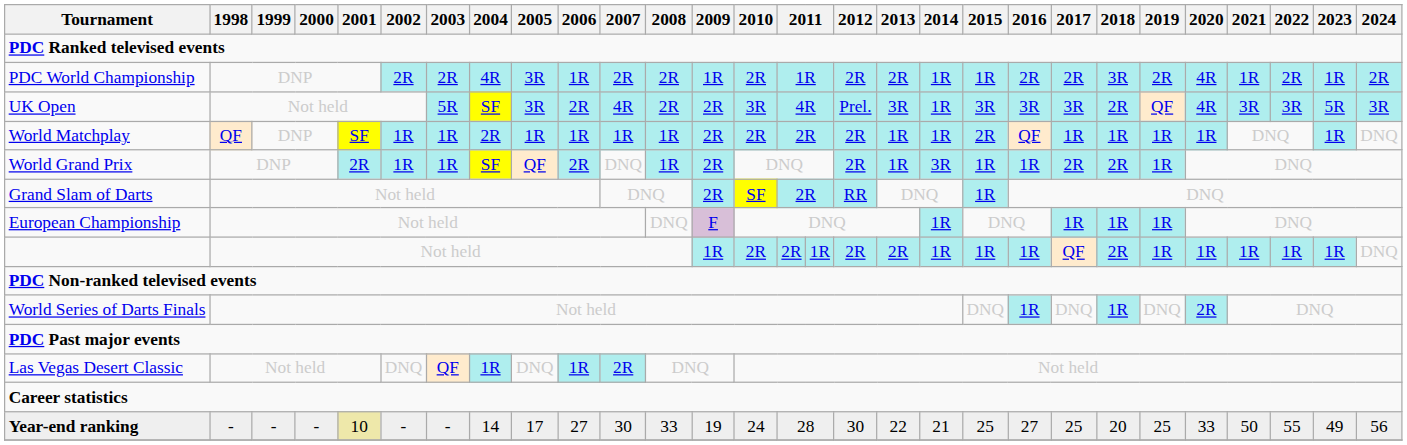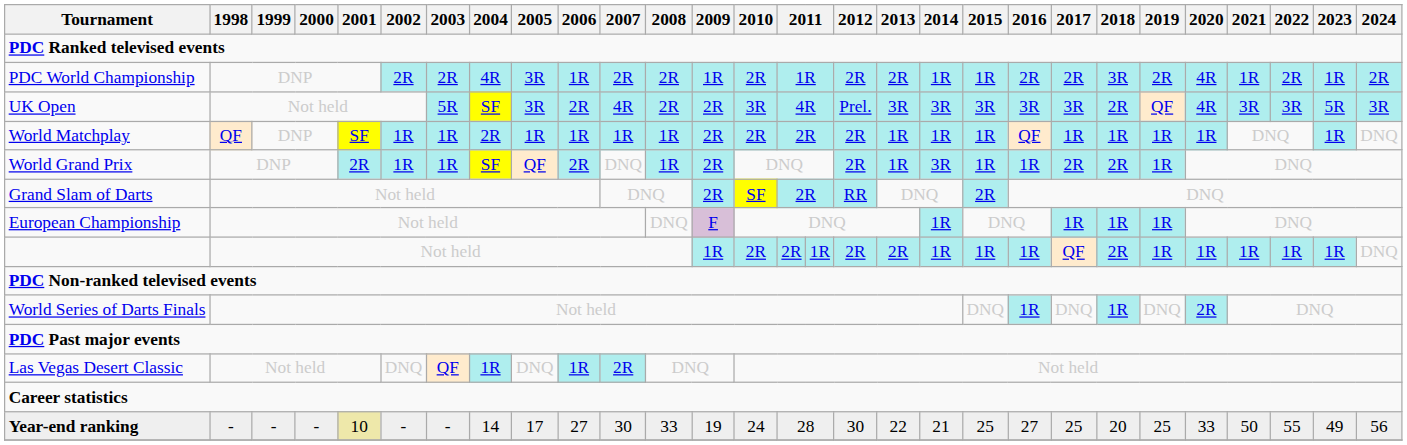 <table class=wikitable style=text-align:center;font-size:88%>
 <tr>
 <th>Tournament</th>
 <th>1998</th>
 <th>1999</th>
 <th>2000</th>
 <th>2001</th>
 <th>2002</th>
 <th>2003</th>
 <th>2004</th>
 <th>2005</th>
 <th>2006</th>
 <th>2007</th>
 <th>2008</th>
 <th>2009</th>
 <th>2010</th>
 <th colspan="2">2011</th>
 <th>2012</th>
 <th>2013</th>
 <th>2014</th>
 <th>2015</th>
 <th>2016</th>
 <th>2017</th>
 <th>2018</th>
 <th>2019</th>
 <th>2020</th>
 <th>2021</th>
 <th>2022</th>
 <th>2023</th>
 <th>2024</th>
 </tr>
 <tr>
 <td colspan="29" align="left"><strong><a href='#'>PDC</a> Ranked televised events</strong></td>
 </tr>
 <tr>
 <td align=left><a href='#'>PDC World Championship</a></td>
 <td colspan="4" style="text-align:center; color:#ccc;">DNP</td>
 <td style="text-align:center; background:#afeeee;"><a href='#'>2R</a></td>
 <td style="text-align:center; background:#afeeee;"><a href='#'>2R</a></td>
 <td style="text-align:center; background:#afeeee;"><a href='#'>4R</a></td>
 <td style="text-align:center; background:#afeeee;"><a href='#'>3R</a></td>
 <td style="text-align:center; background:#afeeee;"><a href='#'>1R</a></td>
 <td style="text-align:center; background:#afeeee;"><a href='#'>2R</a></td>
 <td style="text-align:center; background:#afeeee;"><a href='#'>2R</a></td>
 <td style="text-align:center; background:#afeeee;"><a href='#'>1R</a></td>
 <td style="text-align:center; background:#afeeee;"><a href='#'>2R</a></td>
 <td style="text-align:center; background:#afeeee;" colspan="2"><a href='#'>1R</a></td>
 <td style="text-align:center; background:#afeeee;"><a href='#'>2R</a></td>
 <td style="text-align:center; background:#afeeee;"><a href='#'>2R</a></td>
 <td style="text-align:center; background:#afeeee;"><a href='#'>1R</a></td>
 <td style="text-align:center; background:#afeeee;"><a href='#'>1R</a></td>
 <td style="text-align:center; background:#afeeee;"><a href='#'>2R</a></td>
 <td style="text-align:center; background:#afeeee;"><a href='#'>2R</a></td>
 <td style="text-align:center; background:#afeeee;"><a href='#'>3R</a></td>
 <td style="text-align:center; background:#afeeee;"><a href='#'>2R</a></td>
 <td style="text-align:center; background:#afeeee;"><a href='#'>4R</a></td>
 <td style="text-align:center; background:#afeeee;"><a href='#'>1R</a></td>
 <td style="text-align:center; background:#afeeee;"><a href='#'>2R</a></td>
 <td style="text-align:center; background:#afeeee;"><a href='#'>1R</a></td>
 <td style="text-align:center; background:#afeeee;"><a href='#'>2R</a></td>
 </tr>
 <tr>
 <td align=left><a href='#'>UK Open</a></td>
 <td colspan="5" style="text-align:center; color:#ccc;">Not held</td>
 <td style="text-align:center; background:#afeeee;"><a href='#'>5R</a></td>
 <td style="text-align:center; background:yellow;"><a href='#'>SF</a></td>
 <td style="text-align:center; background:#afeeee;"><a href='#'>3R</a></td>
 <td style="text-align:center; background:#afeeee;"><a href='#'>2R</a></td>
 <td style="text-align:center; background:#afeeee;"><a href='#'>4R</a></td>
 <td style="text-align:center; background:#afeeee;"><a href='#'>2R</a></td>
 <td style="text-align:center; background:#afeeee;"><a href='#'>2R</a></td>
 <td style="text-align:center; background:#afeeee;"><a href='#'>3R</a></td>
 <td style="text-align:center; background:#afeeee;" colspan="2"><a href='#'>4R</a></td>
 <td style="text-align:center; background:#afeeee;"><a href='#'>Prel.</a></td>
 <td style="text-align:center; background:#afeeee;"><a href='#'>3R</a></td>
-<td style="text-align:center; background:#afeeee;"><a href='#'>1R</a></td>
+<td style="text-align:center; background:#afeeee;"><a href='#'>3R</a></td>
 <td style="text-align:center; background:#afeeee;"><a href='#'>3R</a></td>
 <td style="text-align:center; background:#afeeee;"><a href='#'>3R</a></td>
 <td style="text-align:center; background:#afeeee;"><a href='#'>3R</a></td>
 <td style="text-align:center; background:#afeeee;"><a href='#'>2R</a></td>
 <td style="text-align:center; background:#ffebcd;"><a href='#'>QF</a></td>
 <td style="text-align:center; background:#afeeee;"><a href='#'>4R</a></td>
 <td style="text-align:center; background:#afeeee;"><a href='#'>3R</a></td>
 <td style="text-align:center; background:#afeeee;"><a href='#'>3R</a></td>
 <td style="text-align:center; background:#afeeee;"><a href='#'>5R</a></td>
 <td style="text-align:center; background:#afeeee;"><a href='#'>3R</a></td>
 </tr>
 <tr>
 <td align=left><a href='#'>World Matchplay</a></td>
 <td style="text-align:center; background:#ffebcd;"><a href='#'>QF</a></td>
 <td colspan="2" style="text-align:center; color:#ccc;">DNP</td>
 <td style="text-align:center; background:yellow;"><a href='#'>SF</a></td>
 <td style="text-align:center; background:#afeeee;"><a href='#'>1R</a></td>
 <td style="text-align:center; background:#afeeee;"><a href='#'>1R</a></td>
 <td style="text-align:center; background:#afeeee;"><a href='#'>2R</a></td>
 <td style="text-align:center; background:#afeeee;"><a href='#'>1R</a></td>
 <td style="text-align:center; background:#afeeee;"><a href='#'>1R</a></td>
 <td style="text-align:center; background:#afeeee;"><a href='#'>1R</a></td>
 <td style="text-align:center; background:#afeeee;"><a href='#'>1R</a></td>
 <td style="text-align:center; background:#afeeee;"><a href='#'>2R</a></td>
 <td style="text-align:center; background:#afeeee;"><a href='#'>2R</a></td>
 <td style="text-align:center; background:#afeeee;" colspan="2"><a href='#'>2R</a></td>
 <td style="text-align:center; background:#afeeee;"><a href='#'>2R</a></td>
 <td style="text-align:center; background:#afeeee;"><a href='#'>1R</a></td>
 <td style="text-align:center; background:#afeeee;"><a href='#'>1R</a></td>
-<td style="text-align:center; background:#afeeee;"><a href='#'>2R</a></td>
+<td style="text-align:center; background:#afeeee;"><a href='#'>1R</a></td>
 <td style="text-align:center; background:#ffebcd;"><a href='#'>QF</a></td>
 <td style="text-align:center; background:#afeeee;"><a href='#'>1R</a></td>
 <td style="text-align:center; background:#afeeee;"><a href='#'>1R</a></td>
 <td style="text-align:center; background:#afeeee;"><a href='#'>1R</a></td>
 <td style="text-align:center; background:#afeeee;"><a href='#'>1R</a></td>
 <td colspan="2" style="text-align:center; color:#ccc;">DNQ</td>
 <td style="text-align:center; background:#afeeee;"><a href='#'>1R</a></td>
 <td style="color:#ccc; text-align:center; color:#ccc;">DNQ</td>
 </tr>
 <tr>
 <td align=left><a href='#'>World Grand Prix</a></td>
 <td colspan="3" style="text-align:center; color:#ccc;">DNP</td>
 <td style="text-align:center; background:#afeeee;"><a href='#'>2R</a></td>
 <td style="text-align:center; background:#afeeee;"><a href='#'>1R</a></td>
 <td style="text-align:center; background:#afeeee;"><a href='#'>1R</a></td>
 <td style="text-align:center; background:yellow;"><a href='#'>SF</a></td>
 <td style="text-align:center; background:#ffebcd;"><a href='#'>QF</a></td>
 <td style="text-align:center; background:#afeeee;"><a href='#'>2R</a></td>
 <td style="text-align:center; color:#ccc;">DNQ</td>
 <td style="text-align:center; background:#afeeee;"><a href='#'>1R</a></td>
 <td style="text-align:center; background:#afeeee;"><a href='#'>2R</a></td>
 <td colspan="3" style="text-align:center; color:#ccc;">DNQ</td>
 <td style="text-align:center; background:#afeeee;"><a href='#'>2R</a></td>
 <td style="text-align:center; background:#afeeee;"><a href='#'>1R</a></td>
 <td style="text-align:center; background:#afeeee;"><a href='#'>3R</a></td>
 <td style="text-align:center; background:#afeeee;"><a href='#'>1R</a></td>
 <td style="text-align:center; background:#afeeee;"><a href='#'>1R</a></td>
 <td style="text-align:center; background:#afeeee;"><a href='#'>2R</a></td>
 <td style="text-align:center; background:#afeeee;"><a href='#'>2R</a></td>
 <td style="text-align:center; background:#afeeee;"><a href='#'>1R</a></td>
 <td colspan="5" style="text-align:center; color:#ccc;">DNQ</td>
 </tr>
 <tr>
 <td align=left><a href='#'>Grand Slam of Darts</a></td>
 <td colspan="9" style="text-align:center; color:#ccc;">Not held</td>
 <td colspan="2" style="text-align:center; color:#ccc;">DNQ</td>
 <td style="text-align:center; background:#afeeee;"><a href='#'>2R</a></td>
 <td style="text-align:center; background:yellow;"><a href='#'>SF</a></td>
 <td style="text-align:center; background:#afeeee;" colspan="2"><a href='#'>2R</a></td>
 <td style="text-align:center; background:#afeeee;"><a href='#'>RR</a></td>
 <td colspan="2" style="text-align:center; color:#ccc;">DNQ</td>
-<td style="text-align:center; background:#afeeee;"><a href='#'>1R</a></td>
+<td style="text-align:center; background:#afeeee;"><a href='#'>2R</a></td>
 <td colspan="9" style="text-align:center; color:#ccc;">DNQ</td>
 </tr>
 <tr>
 <td align=left><a href='#'>European Championship</a></td>
 <td colspan="10" style="text-align:center; color:#ccc;">Not held</td>
 <td style="text-align:center; color:#ccc;">DNQ</td>
 <td style="text-align:center; background:thistle;"><a href='#'>F</a></td>
 <td colspan="5" style="text-align:center; color:#ccc;">DNQ</td>
 <td style="text-align:center; background:#afeeee;"><a href='#'>1R</a></td>
 <td colspan="2" style="text-align:center; color:#ccc;">DNQ</td>
 <td style="text-align:center; background:#afeeee;"><a href='#'>1R</a></td>
 <td style="text-align:center; background:#afeeee;"><a href='#'>1R</a></td>
 <td style="text-align:center; background:#afeeee;"><a href='#'>1R</a></td>
 <td colspan="5" style="text-align:center; color:#ccc;">DNQ</td>
 </tr>
 <tr>
 <td align=left></td>
 <td colspan="11" style="text-align:center; color:#ccc;">Not held</td>
 <td style="text-align:center; background:#afeeee;"><a href='#'>1R</a></td>
 <td style="text-align:center; background:#afeeee;"><a href='#'>2R</a></td>
 <td style="text-align:center; background:#afeeee;"><a href='#'>2R</a></td>
 <td style="text-align:center; background:#afeeee;"><a href='#'>1R</a></td>
 <td style="text-align:center; background:#afeeee;"><a href='#'>2R</a></td>
 <td style="text-align:center; background:#afeeee;"><a href='#'>2R</a></td>
 <td style="text-align:center; background:#afeeee;"><a href='#'>1R</a></td>
 <td style="text-align:center; background:#afeeee;"><a href='#'>1R</a></td>
 <td style="text-align:center; background:#afeeee;"><a href='#'>1R</a></td>
 <td style="text-align:center; background:#ffebcd;"><a href='#'>QF</a></td>
 <td style="text-align:center; background:#afeeee;"><a href='#'>2R</a></td>
 <td style="text-align:center; background:#afeeee;"><a href='#'>1R</a></td>
 <td style="text-align:center; background:#afeeee;"><a href='#'>1R</a></td>
 <td style="text-align:center; background:#afeeee;"><a href='#'>1R</a></td>
 <td style="text-align:center; background:#afeeee;"><a href='#'>1R</a></td>
 <td style="text-align:center; background:#afeeee;"><a href='#'>1R</a></td>
 <td style="text-align:center; color:#ccc;">DNQ</td>
 </tr>
 <tr>
 <td colspan="29" align="left"><strong><a href='#'>PDC</a> Non-ranked televised events</strong></td>
 </tr>
 <tr>
 <td align=left><a href='#'>World Series of Darts Finals</a></td>
 <td colspan="18" style="text-align:center; color:#ccc;">Not held</td>
 <td style="text-align:center; color:#ccc;">DNQ</td>
 <td style="text-align:center; background:#afeeee;"><a href='#'>1R</a></td>
 <td style="text-align:center; color:#ccc;">DNQ</td>
 <td style="text-align:center; background:#afeeee;"><a href='#'>1R</a></td>
 <td style="text-align:center; color:#ccc;">DNQ</td>
 <td style="text-align:center; background:#afeeee;"><a href='#'>2R</a></td>
 <td colspan=4; style="text-align:center; color:#ccc;">DNQ</td>
 </tr>
 <tr>
 <td colspan="29" align="left"><strong><a href='#'>PDC</a> Past major events</strong></td>
 </tr>
 <tr>
 <td align=left><a href='#'>Las Vegas Desert Classic</a></td>
 <td colspan="4" style="text-align:center; color:#ccc;">Not held</td>
 <td style="text-align:center; color:#ccc;">DNQ</td>
 <td style="text-align:center; background:#ffebcd;"><a href='#'>QF</a></td>
 <td style="text-align:center; background:#afeeee;"><a href='#'>1R</a></td>
 <td style="text-align:center; color:#ccc;">DNQ</td>
 <td style="text-align:center; background:#afeeee;"><a href='#'>1R</a></td>
 <td style="text-align:center; background:#afeeee;"><a href='#'>2R</a></td>
 <td colspan="2" style="text-align:center; color:#ccc;">DNQ</td>
 <td colspan="16" style="text-align:center; color:#ccc;">Not held</td>
 </tr>
 <tr>
 <td colspan="29" align="left"><strong>Career statistics</strong></td>
 </tr>
 <tr bgcolor="efefef">
 <td align="left"><strong>Year-end ranking</strong></td>
 <td style="text-align:center;">-</td>
 <td style="text-align:center;">-</td>
 <td style="text-align:center;">-</td>
 <td style="text-align:center; background:#eee8aa;">10</td>
 <td style="text-align:center;">-</td>
 <td style="text-align:center;">-</td>
 <td style="text-align:center;">14</td>
 <td style="text-align:center;">17</td>
 <td style="text-align:center;">27</td>
 <td style="text-align:center;">30</td>
 <td style="text-align:center;">33</td>
 <td style="text-align:center;">19</td>
 <td style="text-align:center;">24</td>
 <td colspan="2" style="text-align:center;">28</td>
 <td style="text-align:center;">30</td>
 <td style="text-align:center;">22</td>
 <td style="text-align:center;">21</td>
 <td style="text-align:center;">25</td>
 <td style="text-align:center;">27</td>
 <td style="text-align:center;">25</td>
 <td style="text-align:center;">20</td>
 <td style="text-align:center;">25</td>
 <td style="text-align:center;">33</td>
 <td style="text-align:center;">50</td>
 <td style="text-align:center;">55</td>
 <td style="text-align:center;">49</td>
 <td style="text-align:center;">56</td>
 </tr>
 <tr>
 </tr>
 </table>
